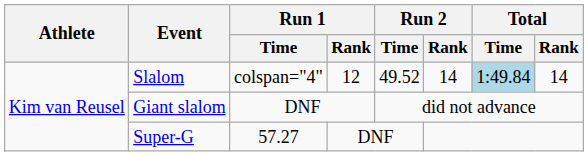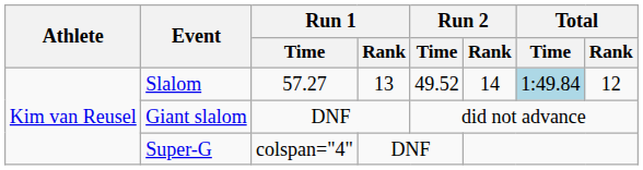 <table class="wikitable" style="font-size:90%">
 <tr>
 <th rowspan=2>Athlete</th>
 <th rowspan=2>Event</th>
 <th colspan=2>Run 1</th>
 <th colspan=2>Run 2</th>
 <th colspan=2>Total</th>
 </tr>
 <tr style="font-size:95%">
 <th>Time</th>
 <th>Rank</th>
 <th>Time</th>
 <th>Rank</th>
 <th>Time</th>
 <th>Rank</th>
 </tr>
 <tr align=center>
 <td align="left" rowspan="3"><a href='#'>Kim van Reusel</a></td>
 <td align="left"><a href='#'>Slalom</a></td>
-<td>colspan="4" </td>
-<td>12</td>
+<td>57.27</td>
+<td>13</td>
 <td>49.52</td>
 <td>14</td>
 <td style="background: lightblue;">1:49.84</td>
-<td>14</td>
+<td>12</td>
 </tr>
 <tr align=center>
 <td align="left"><a href='#'>Giant slalom</a></td>
 <td colspan=2>DNF</td>
 <td colspan=4>did not advance</td>
 </tr>
 <tr align=center>
 <td align="left"><a href='#'>Super-G</a></td>
-<td>57.27</td>
+<td>colspan="4" </td>
 <td colspan=2>DNF</td>
 </tr>
 </table>
